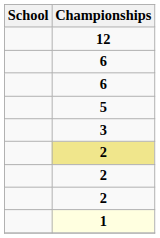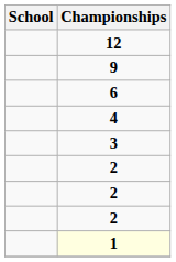 <table class="wikitable sortable" style="text-align:center">
 <tr>
 <th>School</th>
 <th>Championships</th>
 </tr>
 <tr>
 <td><strong><a href='#'></a></strong></td>
 <td><strong>12</strong></td>
 </tr>
 <tr>
 <td><strong><a href='#'></a></strong></td>
-<td><strong>6</strong></td>
+<td><strong>9</strong></td>
 </tr>
 <tr>
 <td><strong><a href='#'></a></strong></td>
 <td><strong>6</strong></td>
 </tr>
 <tr>
 <td><strong><a href='#'></a></strong></td>
-<td><strong>5</strong></td>
+<td><strong>4</strong></td>
 </tr>
 <tr>
 <td><strong><a href='#'></a></strong></td>
 <td><strong>3</strong></td>
 </tr>
 <tr>
 <td><strong><a href='#'></a></strong></td>
-<td style="background: khaki;"><strong>2</strong></td>
+<td><strong>2</strong></td>
 </tr>
 <tr>
 <td><strong><a href='#'></a></strong></td>
 <td><strong>2</strong></td>
 </tr>
 <tr>
 <td><strong><a href='#'></a></strong></td>
 <td><strong>2</strong></td>
 </tr>
 <tr>
 <td><strong><a href='#'></a></strong></td>
 <td style="background: lightyellow;"><strong>1</strong></td>
 </tr>
 <tr>
 </tr>
 </table>
